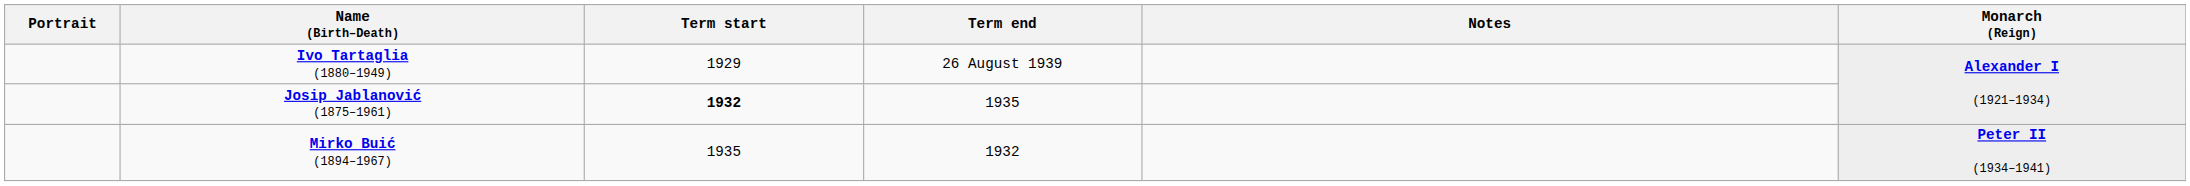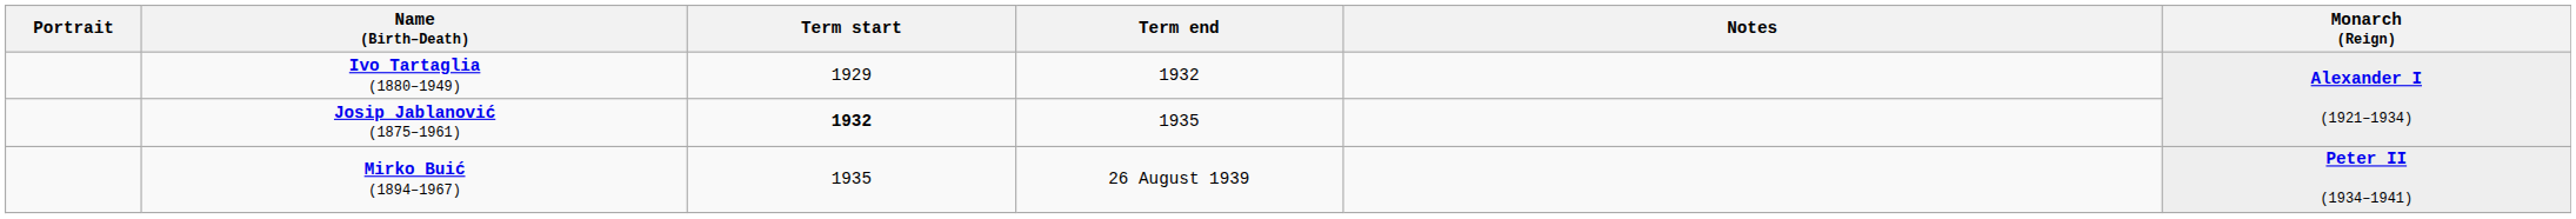 <table class="wikitable" style="text-align:center" width=100%>
 <tr>
 <th width=5%>Portrait</th>
 <th width=20%>Name<small><br>(Birth–Death)</small></th>
 <th width=12%>Term start</th>
 <th width=12%>Term end</th>
 <th width=30%>Notes</th>
 <th width=15%>Monarch<br><small>(Reign)</small></th>
 </tr>
 <tr>
 <td></td>
 <td><strong><a href='#'>Ivo Tartaglia</a></strong><br><small>(1880–1949)</small></td>
 <td>1929</td>
-<td>26 August 1939</td>
+<td>1932</td>
 <td></td>
 <td rowspan="2" bgcolor="#EEEEEE"><strong><a href='#'>Alexander I</a></strong><br><br><small>(1921–1934)</small></td>
 </tr>
 <tr>
 <td></td>
 <td><strong><a href='#'>Josip Jablanović</a></strong><br><small>(1875–1961)</small></td>
 <td><strong>1932</strong></td>
 <td>1935</td>
 <td></td>
 </tr>
 <tr>
 <td></td>
 <td><strong><a href='#'>Mirko Buić</a></strong><br><small>(1894–1967)</small></td>
 <td>1935</td>
-<td>1932</td>
+<td>26 August 1939</td>
 <td></td>
 <td bgcolor="#EEEEEE"><strong><a href='#'>Peter II</a></strong><br><br><small>(1934–1941)</small></td>
 </tr>
 </table>
